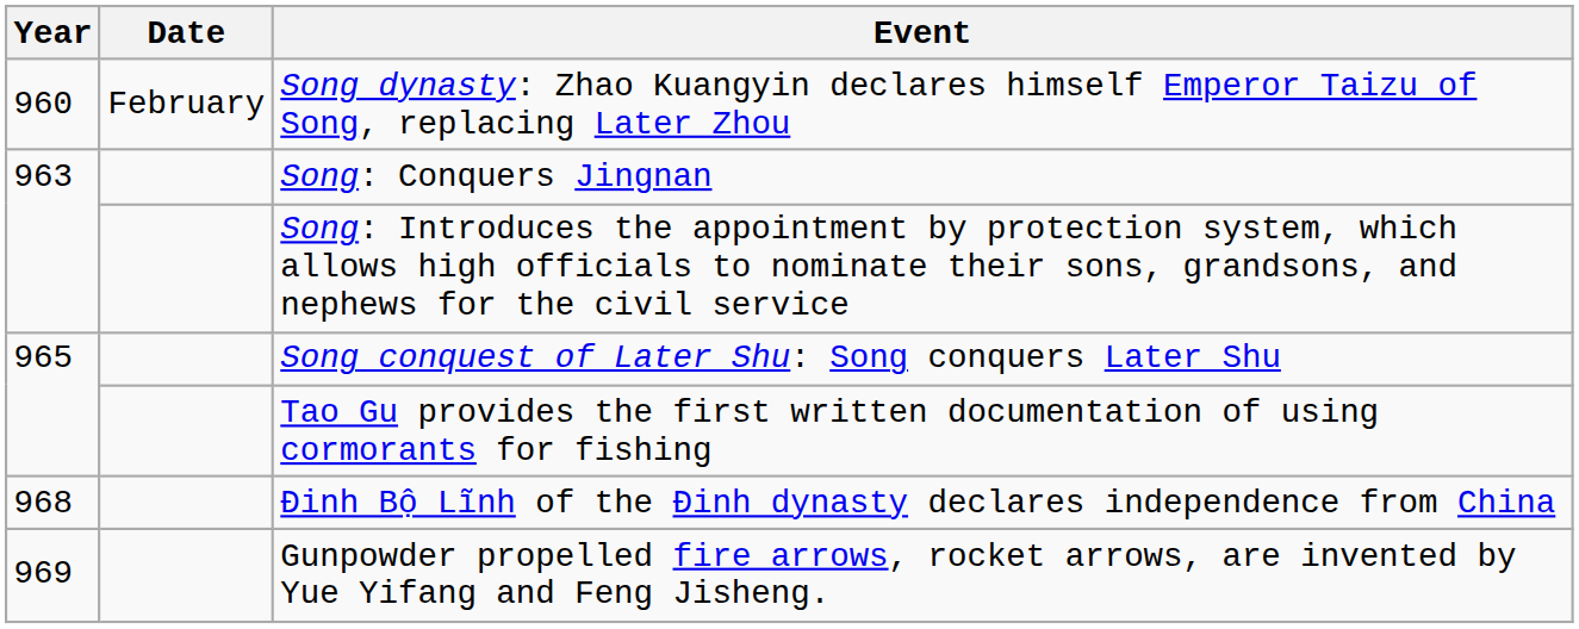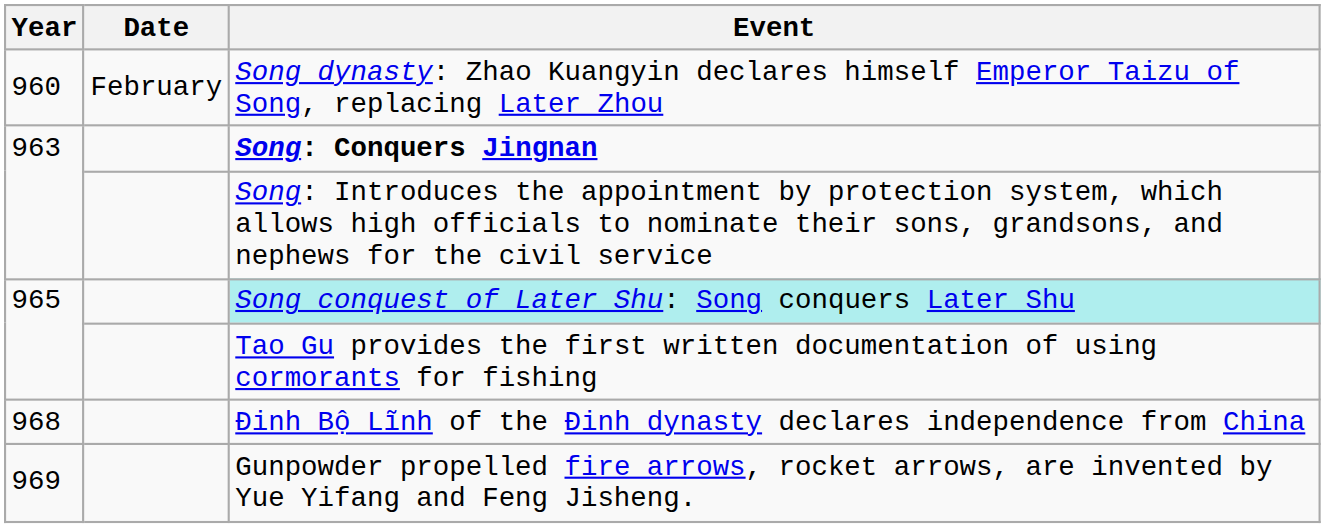 <table class="wikitable" width="100%">
 <tr>
 <th style="width:6%">Year</th>
 <th style="width:10%">Date</th>
 <th>Event</th>
 </tr>
 <tr>
 <td>960</td>
 <td>February</td>
 <td><em><a href='#'>Song dynasty</a></em>: Zhao Kuangyin declares himself <a href='#'>Emperor Taizu of Song</a>, replacing <a href='#'>Later Zhou</a></td>
 </tr>
 <tr>
 <td rowspan="2" valign="top">963</td>
 <td></td>
-<td><em><a href='#'>Song</a></em>: Conquers <a href='#'>Jingnan</a></td>
+<td><strong><em><a href='#'>Song</a></em>: Conquers <a href='#'>Jingnan</a></strong></td>
 </tr>
 <tr>
 <td></td>
 <td><em><a href='#'>Song</a></em>: Introduces the appointment by protection system, which allows high officials to nominate their sons, grandsons, and nephews for the civil service</td>
 </tr>
 <tr>
 <td rowspan="2" valign="top">965</td>
 <td></td>
-<td><em><a href='#'>Song conquest of Later Shu</a></em>: <a href='#'>Song</a> conquers <a href='#'>Later Shu</a></td>
+<td style="background: paleturquoise;"><em><a href='#'>Song conquest of Later Shu</a></em>: <a href='#'>Song</a> conquers <a href='#'>Later Shu</a></td>
 </tr>
 <tr>
 <td></td>
 <td><a href='#'>Tao Gu</a> provides the first written documentation of using <a href='#'>cormorants</a> for fishing</td>
 </tr>
 <tr>
 <td>968</td>
 <td></td>
 <td><a href='#'>Đinh Bộ Lĩnh</a> of the <a href='#'>Đinh dynasty</a> declares independence from <a href='#'>China</a></td>
 </tr>
 <tr>
 <td>969</td>
 <td></td>
 <td>Gunpowder propelled <a href='#'>fire arrows</a>, rocket arrows, are invented by Yue Yifang and Feng Jisheng.</td>
 </tr>
 </table>
